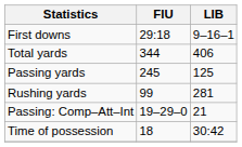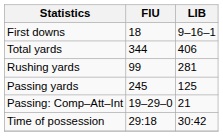 <table class="wikitable" style="float: left;">
 <tr>
 <th>Statistics</th>
 <th>FIU</th>
 <th>LIB</th>
 </tr>
 <tr>
 <td>First downs</td>
-<td>29:18</td>
+<td>18</td>
 <td>9–16–1</td>
 </tr>
 <tr>
 <td>Total yards</td>
 <td>344</td>
 <td>406</td>
 </tr>
 <tr>
+<td>Rushing yards</td>
+<td>99</td>
+<td>281</td>
+</tr>
+<tr>
 <td>Passing yards</td>
 <td>245</td>
 <td>125</td>
-</tr>
-<tr>
-<td>Rushing yards</td>
-<td>99</td>
-<td>281</td>
 </tr>
 <tr>
 <td>Passing: Comp–Att–Int</td>
 <td>19–29–0</td>
 <td>21</td>
 </tr>
 <tr>
 <td>Time of possession</td>
-<td>18</td>
+<td>29:18</td>
 <td>30:42</td>
 </tr>
 <tr>
 </tr>
 </table>
